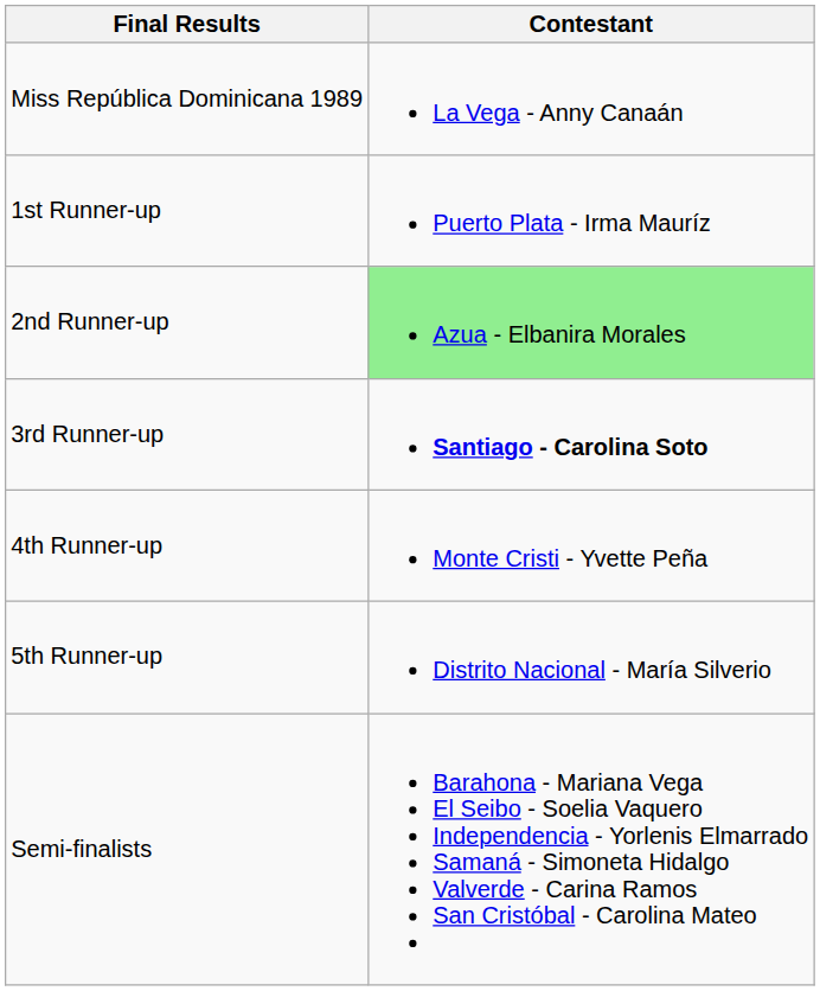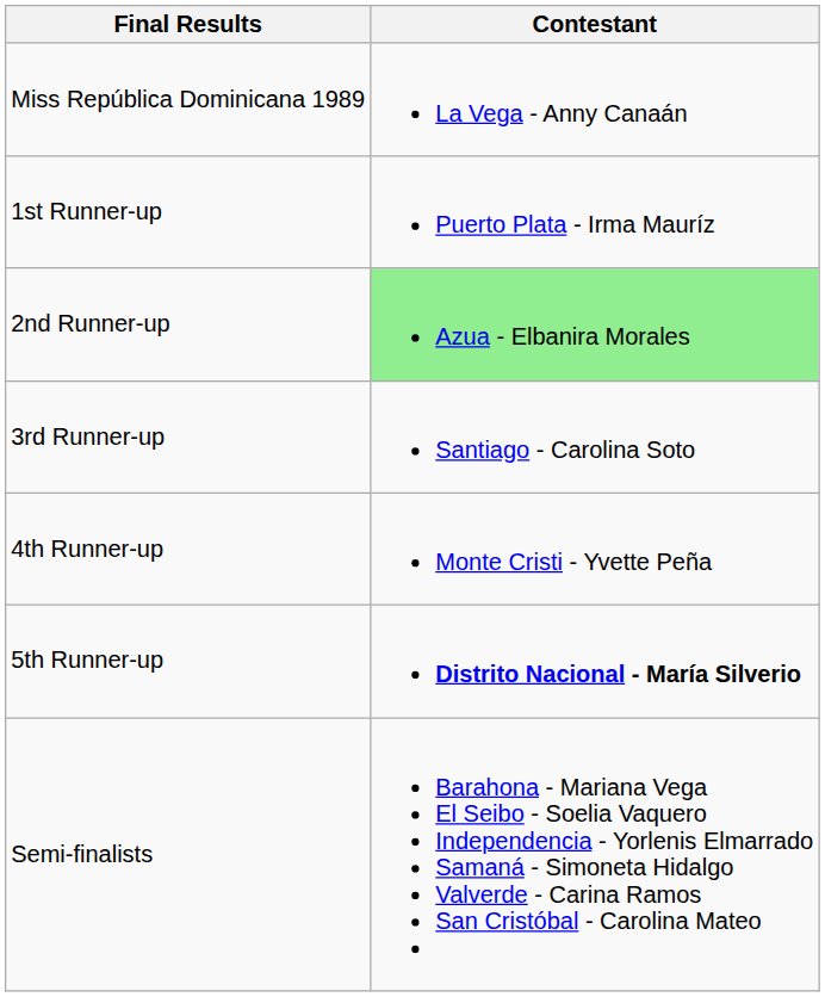 <table class="wikitable">
 <tr>
 <th>Final Results</th>
 <th>Contestant</th>
 </tr>
 <tr>
 <td>Miss República Dominicana 1989</td>
 <td><br><ul><li><a href='#'>La Vega</a> - Anny Canaán</li></ul></td>
 </tr>
 <tr>
 <td>1st Runner-up</td>
 <td><br><ul><li><a href='#'>Puerto Plata</a> - Irma Mauríz</li></ul></td>
 </tr>
 <tr>
 <td>2nd Runner-up</td>
 <td style="background: lightgreen;"><br><ul><li><a href='#'>Azua</a> - Elbanira Morales</li></ul></td>
 </tr>
 <tr>
 <td>3rd Runner-up</td>
-<td><strong><br><ul><li><a href='#'>Santiago</a> - Carolina Soto</li></ul></strong></td>
+<td><br><ul><li><a href='#'>Santiago</a> - Carolina Soto</li></ul></td>
 </tr>
 <tr>
 <td>4th Runner-up</td>
 <td><br><ul><li><a href='#'>Monte Cristi</a> - Yvette Peña</li></ul></td>
 </tr>
 <tr>
 <td>5th Runner-up</td>
-<td><br><ul><li><a href='#'>Distrito Nacional</a> - María Silverio</li></ul></td>
+<td><strong><br><ul><li><a href='#'>Distrito Nacional</a> - María Silverio</li></ul></strong></td>
 </tr>
 <tr>
 <td>Semi-finalists</td>
 <td><br><ul><li><a href='#'>Barahona</a> - Mariana Vega</li><li><a href='#'>El Seibo</a> - Soelia Vaquero</li><li><a href='#'>Independencia</a> - Yorlenis Elmarrado</li><li><a href='#'>Samaná</a> - Simoneta Hidalgo</li><li><a href='#'>Valverde</a> - Carina Ramos</li><li><a href='#'>San Cristóbal</a> - Carolina Mateo</li><li></li></ul></td>
 </tr>
 </table>
